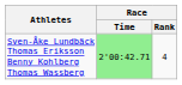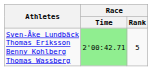 <table class="wikitable" border="1" style="font-size:90%">
 <tr>
 <th rowspan=2>Athletes</th>
 <th colspan=2>Race</th>
 </tr>
 <tr>
 <th>Time</th>
 <th>Rank</th>
 </tr>
 <tr>
 <td><a href='#'>Sven-Åke Lundbäck</a><br><a href='#'>Thomas Eriksson</a><br><a href='#'>Benny Kohlberg</a><br><a href='#'>Thomas Wassberg</a></td>
 <td align=center style="background: lightgreen;">2'00:42.71</td>
-<td align=center>4</td>
+<td align=center>5</td>
 </tr>
 </table>
